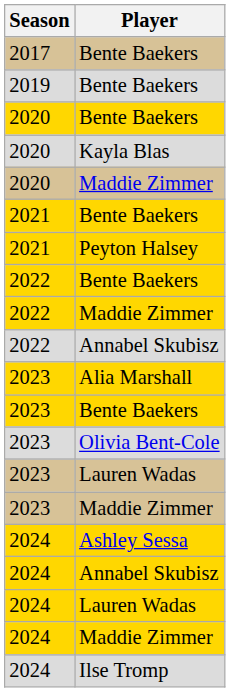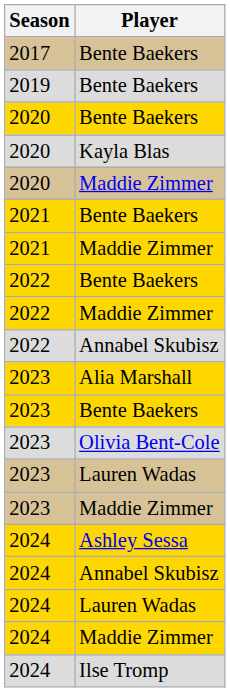 <table class="wikitable">
 <tr>
 <th width=>Season</th>
 <th width=>Player</th>
 </tr>
 <tr align="left"  style="background: #d7c297;">
 <td>2017</td>
 <td>Bente Baekers</td>
 </tr>
 <tr align="left"  style="background: #dcdcdc;">
 <td>2019</td>
 <td>Bente Baekers</td>
 </tr>
 <tr align="left"  style="background: #FFD700;">
 <td>2020</td>
 <td>Bente Baekers</td>
 </tr>
 <tr align="left"  style="background: #dcdcdc;">
 <td>2020</td>
 <td>Kayla Blas</td>
 </tr>
 <tr align="left"  style="background: #d7c297;">
 <td>2020</td>
 <td><a href='#'>Maddie Zimmer</a></td>
 </tr>
 <tr align="left"  style="background: #FFD700;">
 <td>2021</td>
 <td>Bente Baekers</td>
 </tr>
 <tr align="left"  style="background: #FFD700;">
 <td>2021</td>
-<td>Peyton Halsey</td>
+<td>Maddie Zimmer</td>
 </tr>
 <tr align="left"  style="background: #FFD700;">
 <td>2022</td>
 <td>Bente Baekers</td>
 </tr>
 <tr align="left"  style="background: #FFD700;">
 <td>2022</td>
 <td>Maddie Zimmer</td>
 </tr>
 <tr align="left"  style="background: #dcdcdc;">
 <td>2022</td>
 <td>Annabel Skubisz</td>
 </tr>
 <tr align="left"  style="background: #FFD700;">
 <td>2023</td>
 <td>Alia Marshall</td>
 </tr>
 <tr align="left"  style="background: #FFD700;">
 <td>2023</td>
 <td>Bente Baekers</td>
 </tr>
 <tr align="left"  style="background: #dcdcdc;">
 <td>2023</td>
 <td><a href='#'>Olivia Bent-Cole</a></td>
 </tr>
 <tr align="left"  style="background: #d7c297;">
 <td>2023</td>
 <td>Lauren Wadas</td>
 </tr>
 <tr align="left"  style="background: #d7c297;">
 <td>2023</td>
 <td>Maddie Zimmer</td>
 </tr>
 <tr align="left"  style="background: #FFD700;">
 <td>2024</td>
 <td><a href='#'>Ashley Sessa</a></td>
 </tr>
 <tr align="left"  style="background: #FFD700;">
 <td>2024</td>
 <td>Annabel Skubisz</td>
 </tr>
 <tr align="left"  style="background: #FFD700;">
 <td>2024</td>
 <td>Lauren Wadas</td>
 </tr>
 <tr align="left"  style="background: #FFD700;">
 <td>2024</td>
 <td>Maddie Zimmer</td>
 </tr>
 <tr align="left"  style="background: #dcdcdc;">
 <td>2024</td>
 <td>Ilse Tromp</td>
 </tr>
 </table>
